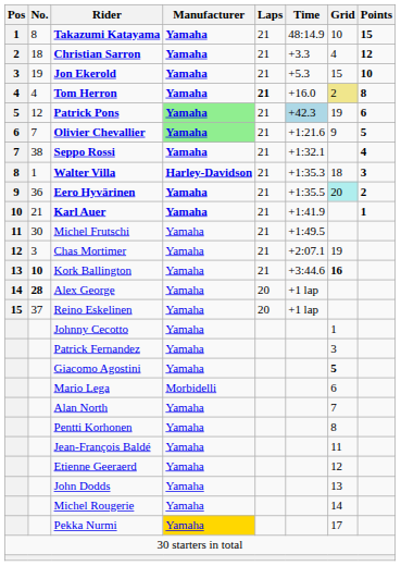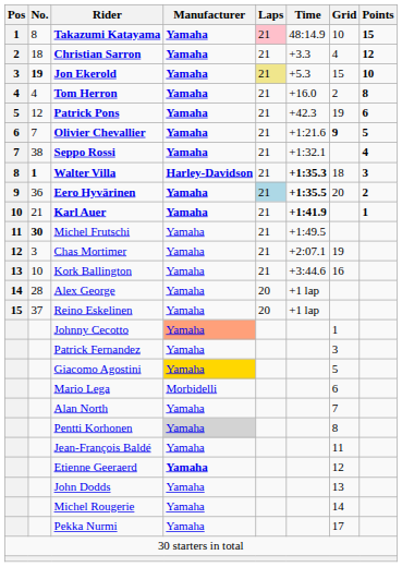 <table class="wikitable" style="font-size: 95%;">
 <tr>
 <th>Pos</th>
 <th>No.</th>
 <th>Rider</th>
 <th>Manufacturer</th>
 <th>Laps</th>
 <th>Time</th>
 <th>Grid</th>
 <th>Points</th>
 </tr>
 <tr>
 <th>1</th>
 <td>8</td>
 <td> <strong><a href='#'>Takazumi Katayama</a></strong></td>
 <td><strong><a href='#'>Yamaha</a></strong></td>
-<td>21</td>
+<td style="background: pink;">21</td>
 <td>48:14.9</td>
 <td>10</td>
 <td><strong>15</strong></td>
 </tr>
 <tr>
 <th>2</th>
 <td>18</td>
 <td> <strong><a href='#'>Christian Sarron</a></strong></td>
 <td><strong><a href='#'>Yamaha</a></strong></td>
 <td>21</td>
 <td>+3.3</td>
 <td>4</td>
 <td><strong>12</strong></td>
 </tr>
 <tr>
 <th>3</th>
-<td>19</td>
+<td><strong>19</strong></td>
 <td> <strong><a href='#'>Jon Ekerold</a></strong></td>
 <td><strong><a href='#'>Yamaha</a></strong></td>
-<td>21</td>
+<td style="background: khaki;">21</td>
 <td>+5.3</td>
 <td>15</td>
 <td><strong>10</strong></td>
 </tr>
 <tr>
 <th>4</th>
 <td>4</td>
 <td> <strong><a href='#'>Tom Herron</a></strong></td>
 <td><strong><a href='#'>Yamaha</a></strong></td>
-<td><strong>21</strong></td>
+<td>21</td>
 <td>+16.0</td>
-<td style="background: khaki;">2</td>
+<td>2</td>
 <td><strong>8</strong></td>
 </tr>
 <tr>
 <th>5</th>
 <td>12</td>
 <td> <strong><a href='#'>Patrick Pons</a></strong></td>
-<td style="background: lightgreen;"><strong><a href='#'>Yamaha</a></strong></td>
+<td><strong><a href='#'>Yamaha</a></strong></td>
 <td>21</td>
-<td style="background: lightblue;">+42.3</td>
+<td>+42.3</td>
 <td>19</td>
 <td><strong>6</strong></td>
 </tr>
 <tr>
 <th>6</th>
 <td>7</td>
 <td> <strong><a href='#'>Olivier Chevallier</a></strong></td>
-<td style="background: lightgreen;"><strong><a href='#'>Yamaha</a></strong></td>
+<td><strong><a href='#'>Yamaha</a></strong></td>
 <td>21</td>
 <td>+1:21.6</td>
-<td>9</td>
+<td><strong>9</strong></td>
 <td><strong>5</strong></td>
 </tr>
 <tr>
 <th>7</th>
 <td>38</td>
 <td> <strong><a href='#'>Seppo Rossi</a></strong></td>
 <td><strong><a href='#'>Yamaha</a></strong></td>
 <td>21</td>
 <td>+1:32.1</td>
 <td></td>
 <td><strong>4</strong></td>
 </tr>
 <tr>
 <th>8</th>
-<td>1</td>
+<td><strong>1</strong></td>
 <td> <strong><a href='#'>Walter Villa</a></strong></td>
 <td><strong><a href='#'>Harley-Davidson</a></strong></td>
 <td>21</td>
-<td>+1:35.3</td>
+<td><strong>+1:35.3</strong></td>
 <td>18</td>
 <td><strong>3</strong></td>
 </tr>
 <tr>
 <th>9</th>
 <td>36</td>
 <td> <strong><a href='#'>Eero Hyvärinen</a></strong></td>
 <td><strong><a href='#'>Yamaha</a></strong></td>
-<td>21</td>
-<td>+1:35.5</td>
-<td style="background: paleturquoise;">20</td>
+<td style="background: lightblue;">21</td>
+<td><strong>+1:35.5</strong></td>
+<td>20</td>
 <td><strong>2</strong></td>
 </tr>
 <tr>
 <th>10</th>
 <td>21</td>
 <td> <strong><a href='#'>Karl Auer</a></strong></td>
 <td><strong><a href='#'>Yamaha</a></strong></td>
 <td>21</td>
-<td>+1:41.9</td>
+<td><strong>+1:41.9</strong></td>
 <td></td>
 <td><strong>1</strong></td>
 </tr>
 <tr>
 <th>11</th>
-<td>30</td>
+<td><strong>30</strong></td>
 <td> <a href='#'>Michel Frutschi</a></td>
 <td><a href='#'>Yamaha</a></td>
 <td>21</td>
 <td>+1:49.5</td>
 <td></td>
 <td></td>
 </tr>
 <tr>
 <th>12</th>
 <td>3</td>
 <td> <a href='#'>Chas Mortimer</a></td>
 <td><a href='#'>Yamaha</a></td>
 <td>21</td>
 <td>+2:07.1</td>
 <td>19</td>
 <td></td>
 </tr>
 <tr>
 <th>13</th>
-<td><strong>10</strong></td>
+<td>10</td>
 <td> <a href='#'>Kork Ballington</a></td>
 <td><a href='#'>Yamaha</a></td>
 <td>21</td>
 <td>+3:44.6</td>
-<td><strong>16</strong></td>
+<td>16</td>
 <td></td>
 </tr>
 <tr>
 <th>14</th>
-<td><strong>28</strong></td>
+<td>28</td>
 <td> <a href='#'>Alex George</a></td>
 <td><a href='#'>Yamaha</a></td>
 <td>20</td>
 <td>+1 lap</td>
 <td></td>
 <td></td>
 </tr>
 <tr>
 <th>15</th>
 <td>37</td>
 <td> <a href='#'>Reino Eskelinen</a></td>
 <td><a href='#'>Yamaha</a></td>
 <td>20</td>
 <td>+1 lap</td>
 <td></td>
 <td></td>
 </tr>
 <tr>
 <th></th>
 <td></td>
 <td> <a href='#'>Johnny Cecotto</a></td>
-<td><a href='#'>Yamaha</a></td>
+<td style="background: lightsalmon;"><a href='#'>Yamaha</a></td>
 <td></td>
 <td></td>
 <td>1</td>
 <td></td>
 </tr>
 <tr>
 <th></th>
 <td></td>
 <td> <a href='#'>Patrick Fernandez</a></td>
 <td><a href='#'>Yamaha</a></td>
 <td></td>
 <td></td>
 <td>3</td>
 <td></td>
 </tr>
 <tr>
 <th></th>
 <td></td>
 <td> <a href='#'>Giacomo Agostini</a></td>
-<td><a href='#'>Yamaha</a></td>
+<td style="background: gold;"><a href='#'>Yamaha</a></td>
 <td></td>
 <td></td>
-<td><strong>5</strong></td>
+<td>5</td>
 <td></td>
 </tr>
 <tr>
 <th></th>
 <td></td>
 <td> <a href='#'>Mario Lega</a></td>
 <td><a href='#'>Morbidelli</a></td>
 <td></td>
 <td></td>
 <td>6</td>
 <td></td>
 </tr>
 <tr>
 <th></th>
 <td></td>
 <td> <a href='#'>Alan North</a></td>
 <td><a href='#'>Yamaha</a></td>
 <td></td>
 <td></td>
 <td>7</td>
 <td></td>
 </tr>
 <tr>
 <th></th>
 <td></td>
 <td> <a href='#'>Pentti Korhonen</a></td>
-<td><a href='#'>Yamaha</a></td>
+<td style="background: lightgrey;"><a href='#'>Yamaha</a></td>
 <td></td>
 <td></td>
 <td>8</td>
 <td></td>
 </tr>
 <tr>
 <th></th>
 <td></td>
 <td> <a href='#'>Jean-François Baldé</a></td>
 <td><a href='#'>Yamaha</a></td>
 <td></td>
 <td></td>
 <td>11</td>
 <td></td>
 </tr>
 <tr>
 <th></th>
 <td></td>
 <td> <a href='#'>Etienne Geeraerd</a></td>
-<td><a href='#'>Yamaha</a></td>
+<td><strong><a href='#'>Yamaha</a></strong></td>
 <td></td>
 <td></td>
 <td>12</td>
 <td></td>
 </tr>
 <tr>
 <th></th>
 <td></td>
 <td> <a href='#'>John Dodds</a></td>
 <td><a href='#'>Yamaha</a></td>
 <td></td>
 <td></td>
 <td>13</td>
 <td></td>
 </tr>
 <tr>
 <th></th>
 <td></td>
 <td> <a href='#'>Michel Rougerie</a></td>
 <td><a href='#'>Yamaha</a></td>
 <td></td>
 <td></td>
 <td>14</td>
 <td></td>
 </tr>
 <tr>
 <th></th>
 <td></td>
 <td> <a href='#'>Pekka Nurmi</a></td>
-<td style="background: gold;"><a href='#'>Yamaha</a></td>
+<td><a href='#'>Yamaha</a></td>
 <td></td>
 <td></td>
 <td>17</td>
 <td></td>
 </tr>
 <tr>
 <td colspan=8 align=center>30 starters in total</td>
 </tr>
 <tr>
 <th colspan=8></th>
 </tr>
 </table>
